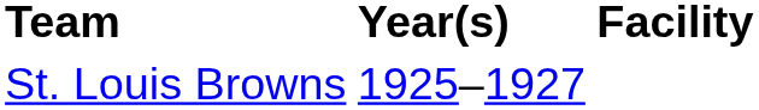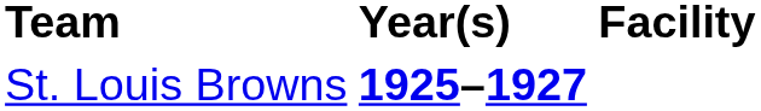 <table>
 <tr>
 <td><strong>Team</strong></td>
 <td><strong>Year(s)</strong></td>
 <td><strong>Facility</strong></td>
 </tr>
 <tr>
 <td><a href='#'>St. Louis Browns</a></td>
-<td><a href='#'>1925</a>–<a href='#'>1927</a></td>
+<td><strong><a href='#'>1925</a>–<a href='#'>1927</a></strong></td>
 </tr>
 <tr>
 </tr>
 </table>
